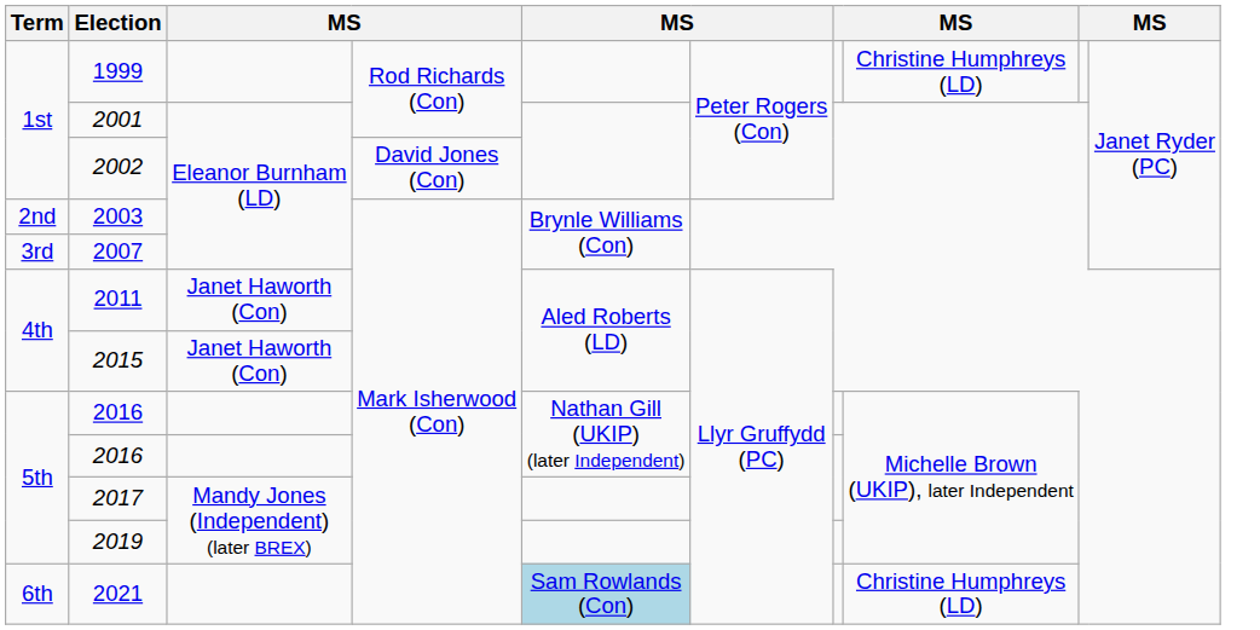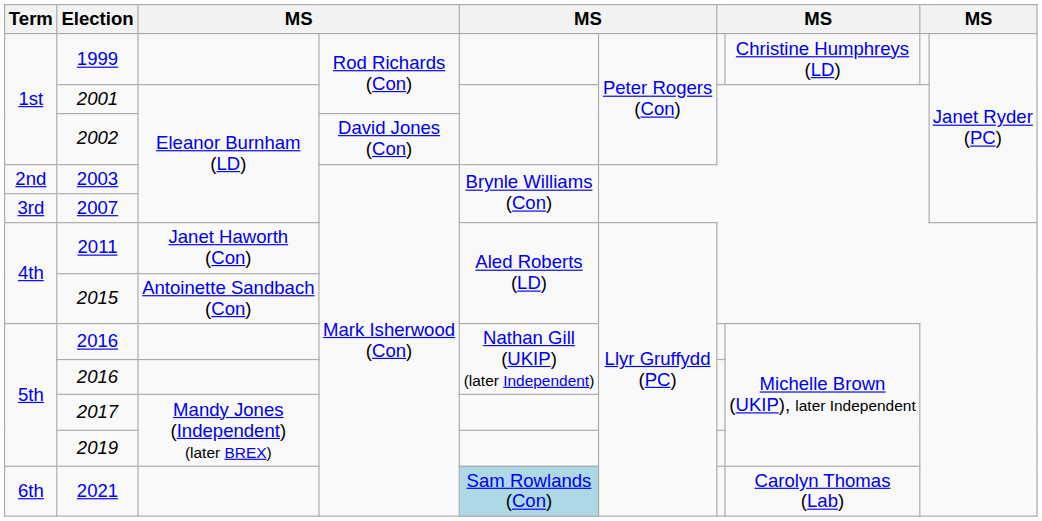 <table class="wikitable" style="text-align:center">
 <tr>
 <th>Term</th>
 <th>Election</th>
 <th colspan="2">MS</th>
 <th colspan="2">MS</th>
 <th colspan="2">MS</th>
 <th colspan="2">MS</th>
 </tr>
 <tr>
 <td rowspan="3"><a href='#'>1st</a></td>
 <td><a href='#'>1999</a></td>
 <td></td>
 <td rowspan="2"><a href='#'>Rod Richards</a><br>(<a href='#'>Con</a>)</td>
 <td></td>
 <td rowspan="3"><a href='#'>Peter Rogers</a><br>(<a href='#'>Con</a>)</td>
 <td></td>
 <td><a href='#'>Christine Humphreys</a><br>(<a href='#'>LD</a>)</td>
 <td></td>
 <td rowspan="5"><a href='#'>Janet Ryder</a><br>(<a href='#'>PC</a>)</td>
 </tr>
 <tr>
 <td><em>2001</em></td>
 <td rowspan="4"><a href='#'>Eleanor Burnham</a><br>(<a href='#'>LD</a>)</td>
 </tr>
 <tr>
 <td><em>2002</em></td>
 <td><a href='#'>David Jones</a><br>(<a href='#'>Con</a>)</td>
 </tr>
 <tr>
 <td><a href='#'>2nd</a></td>
 <td><a href='#'>2003</a></td>
 <td rowspan="9"><a href='#'>Mark Isherwood</a><br>(<a href='#'>Con</a>)</td>
 <td rowspan="2"><a href='#'>Brynle Williams</a><br>(<a href='#'>Con</a>)</td>
 </tr>
 <tr>
 <td><a href='#'>3rd</a></td>
 <td><a href='#'>2007</a></td>
 </tr>
 <tr>
 <td rowspan="2"><a href='#'>4th</a></td>
 <td><a href='#'>2011</a></td>
 <td><a href='#'>Janet Haworth</a><br>(<a href='#'>Con</a>)</td>
 <td rowspan="2"><a href='#'>Aled Roberts</a><br>(<a href='#'>LD</a>)</td>
 <td rowspan="7"><a href='#'>Llyr Gruffydd</a><br>(<a href='#'>PC</a>)</td>
 </tr>
 <tr>
 <td><em>2015</em></td>
-<td><a href='#'>Janet Haworth</a><br>(<a href='#'>Con</a>)</td>
+<td><a href='#'>Antoinette Sandbach</a><br>(<a href='#'>Con</a>)</td>
 </tr>
 <tr>
 <td rowspan="4"><a href='#'>5th</a></td>
 <td><a href='#'>2016</a></td>
 <td style="color:inherit;background:"></td>
 <td rowspan="2"><a href='#'>Nathan Gill</a><br>(<a href='#'>UKIP</a>)<br><small>(later <a href='#'>Independent</a>)</small></td>
 <td></td>
 <td rowspan="4"><a href='#'>Michelle Brown</a><br>(<a href='#'>UKIP</a>), <small>later Independent</small></td>
 </tr>
 <tr>
 <td><em>2016</em></td>
 <td></td>
 </tr>
 <tr>
 <td><em>2017</em></td>
 <td rowspan="2"><a href='#'>Mandy Jones</a><br>(<a href='#'>Independent</a>)<br><small>(later <a href='#'>BREX</a>)</small></td>
 </tr>
 <tr>
 <td><em>2019</em></td>
 <td></td>
 <td></td>
 </tr>
 <tr>
 <td><a href='#'>6th</a></td>
 <td><a href='#'>2021</a></td>
 <td style="color:inherit;background:"></td>
 <td style="background: lightblue;"><a href='#'>Sam Rowlands</a><br>(<a href='#'>Con</a>)</td>
 <td style="color:inherit;background:"></td>
-<td><a href='#'>Christine Humphreys</a><br>(<a href='#'>LD</a>)</td>
+<td><a href='#'>Carolyn Thomas</a><br>(<a href='#'>Lab</a>)</td>
 </tr>
 </table>
